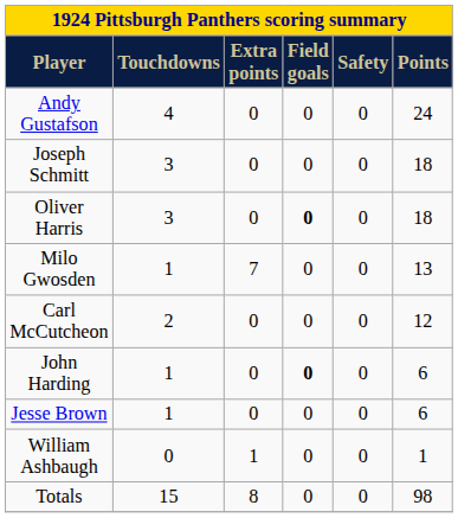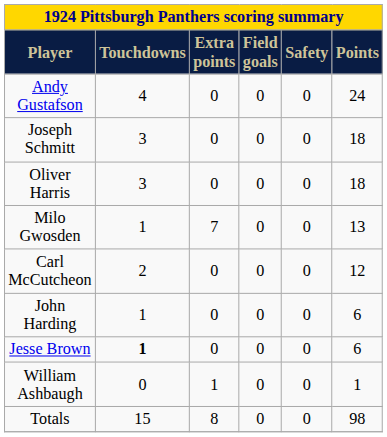 <table class="wikitable" width="35%">
 <tr>
 <th colspan="10" style="background:gold; color:darkblue; text-align: center;"><strong>1924 Pittsburgh Panthers scoring summary</strong></th>
 </tr>
 <tr align="center"  style="background:#091C44;color:#CEC499;">
 <td><strong>Player</strong></td>
 <td><strong>Touchdowns</strong></td>
 <td><strong>Extra points</strong></td>
 <td><strong>Field goals</strong></td>
 <td><strong>Safety</strong></td>
 <td><strong>Points</strong></td>
 </tr>
 <tr align="center" bgcolor="">
 <td><a href='#'>Andy Gustafson</a></td>
 <td>4</td>
 <td>0</td>
 <td>0</td>
 <td>0</td>
 <td>24</td>
 </tr>
 <tr align="center" bgcolor="">
 <td>Joseph Schmitt</td>
 <td>3</td>
 <td>0</td>
 <td>0</td>
 <td>0</td>
 <td>18</td>
 </tr>
 <tr align="center" bgcolor="">
 <td>Oliver Harris</td>
 <td>3</td>
 <td>0</td>
-<td><strong>0</strong></td>
+<td>0</td>
 <td>0</td>
 <td>18</td>
 </tr>
 <tr align="center" bgcolor="">
 <td>Milo Gwosden</td>
 <td>1</td>
 <td>7</td>
 <td>0</td>
 <td>0</td>
 <td>13</td>
 </tr>
 <tr align="center" bgcolor="">
 <td>Carl McCutcheon</td>
 <td>2</td>
 <td>0</td>
 <td>0</td>
 <td>0</td>
 <td>12</td>
 </tr>
 <tr align="center" bgcolor="">
 <td>John Harding</td>
 <td>1</td>
 <td>0</td>
-<td><strong>0</strong></td>
+<td>0</td>
 <td>0</td>
 <td>6</td>
 </tr>
 <tr align="center" bgcolor="">
 <td><a href='#'>Jesse Brown</a></td>
-<td>1</td>
+<td><strong>1</strong></td>
 <td>0</td>
 <td>0</td>
 <td>0</td>
 <td>6</td>
 </tr>
 <tr align="center" bgcolor="">
 <td>William Ashbaugh</td>
 <td>0</td>
 <td>1</td>
 <td>0</td>
 <td>0</td>
 <td>1</td>
 </tr>
 <tr align="center" bgcolor="">
 <td>Totals</td>
 <td>15</td>
 <td>8</td>
 <td>0</td>
 <td>0</td>
 <td>98</td>
 </tr>
 <tr align="center" bgcolor="">
 </tr>
 </table>
